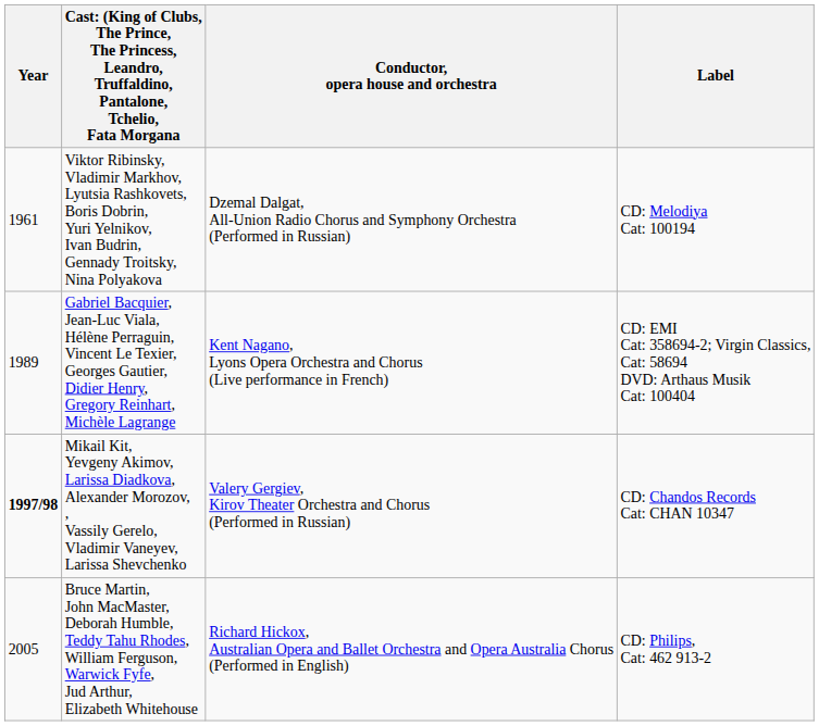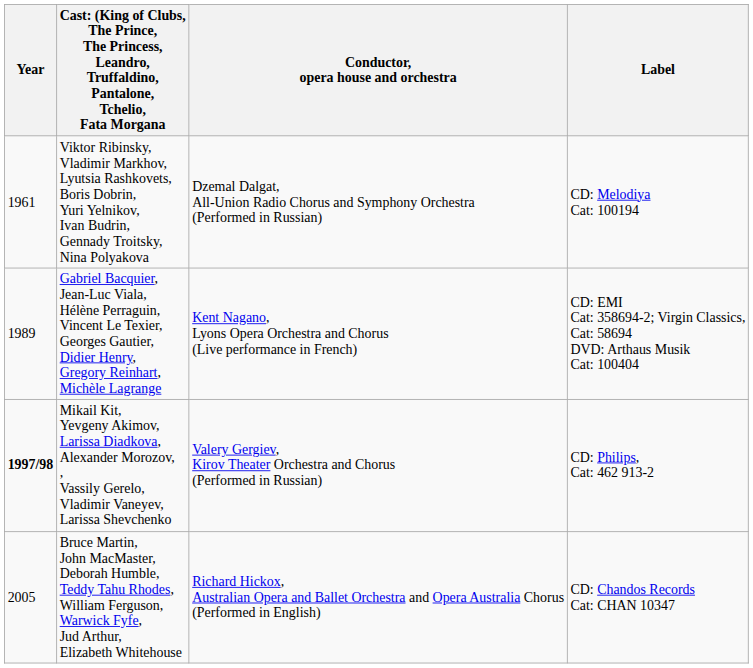 <table class="wikitable">
 <tr>
 <th>Year</th>
 <th>Cast: (King of Clubs,<br>The Prince,<br>The Princess,<br>Leandro,<br>Truffaldino,<br>Pantalone,<br>Tchelio,<br>Fata Morgana</th>
 <th>Conductor,<br>opera house and orchestra</th>
 <th>Label</th>
 </tr>
 <tr>
 <td>1961</td>
 <td>Viktor Ribinsky,<br>Vladimir Markhov,<br>Lyutsia Rashkovets,<br>Boris Dobrin,<br>Yuri Yelnikov,<br>Ivan Budrin,<br>Gennady Troitsky,<br>Nina Polyakova</td>
 <td>Dzemal Dalgat,<br>All-Union Radio Chorus and Symphony Orchestra<br>(Performed in Russian)</td>
 <td>CD: <a href='#'>Melodiya</a><br>Cat: 100194</td>
 </tr>
 <tr>
 <td>1989</td>
 <td><a href='#'>Gabriel Bacquier</a>,<br>Jean-Luc Viala,<br>Hélène Perraguin,<br>Vincent Le Texier,<br>Georges Gautier,<br><a href='#'>Didier Henry</a>,<br><a href='#'>Gregory Reinhart</a>,<br><a href='#'>Michèle Lagrange</a></td>
 <td><a href='#'>Kent Nagano</a>,<br>Lyons Opera Orchestra and Chorus<br>(Live performance in French)</td>
 <td>CD: EMI<br>Cat: 358694-2; Virgin Classics,<br>Cat: 58694<br>DVD: Arthaus Musik<br>Cat: 100404</td>
 </tr>
 <tr>
 <td><strong>1997/98</strong></td>
 <td>Mikail Kit,<br>Yevgeny Akimov,<br><a href='#'>Larissa Diadkova</a>,<br>Alexander Morozov,<br>,<br>Vassily Gerelo,<br>Vladimir Vaneyev,<br>Larissa Shevchenko</td>
 <td><a href='#'>Valery Gergiev</a>,<br><a href='#'>Kirov Theater</a> Orchestra and Chorus<br>(Performed in Russian)</td>
-<td>CD: <a href='#'>Chandos Records</a><br>Cat: CHAN 10347</td>
+<td>CD: <a href='#'>Philips</a>,<br>Cat: 462 913-2</td>
 </tr>
 <tr>
 <td>2005</td>
 <td>Bruce Martin,<br>John MacMaster,<br>Deborah Humble,<br><a href='#'>Teddy Tahu Rhodes</a>,<br>William Ferguson,<br><a href='#'>Warwick Fyfe</a>,<br>Jud Arthur,<br>Elizabeth Whitehouse</td>
 <td><a href='#'>Richard Hickox</a>,<br><a href='#'>Australian Opera and Ballet Orchestra</a> and <a href='#'>Opera Australia</a> Chorus<br>(Performed in English)</td>
-<td>CD: <a href='#'>Philips</a>,<br>Cat: 462 913-2</td>
+<td>CD: <a href='#'>Chandos Records</a><br>Cat: CHAN 10347</td>
 </tr>
 </table>
